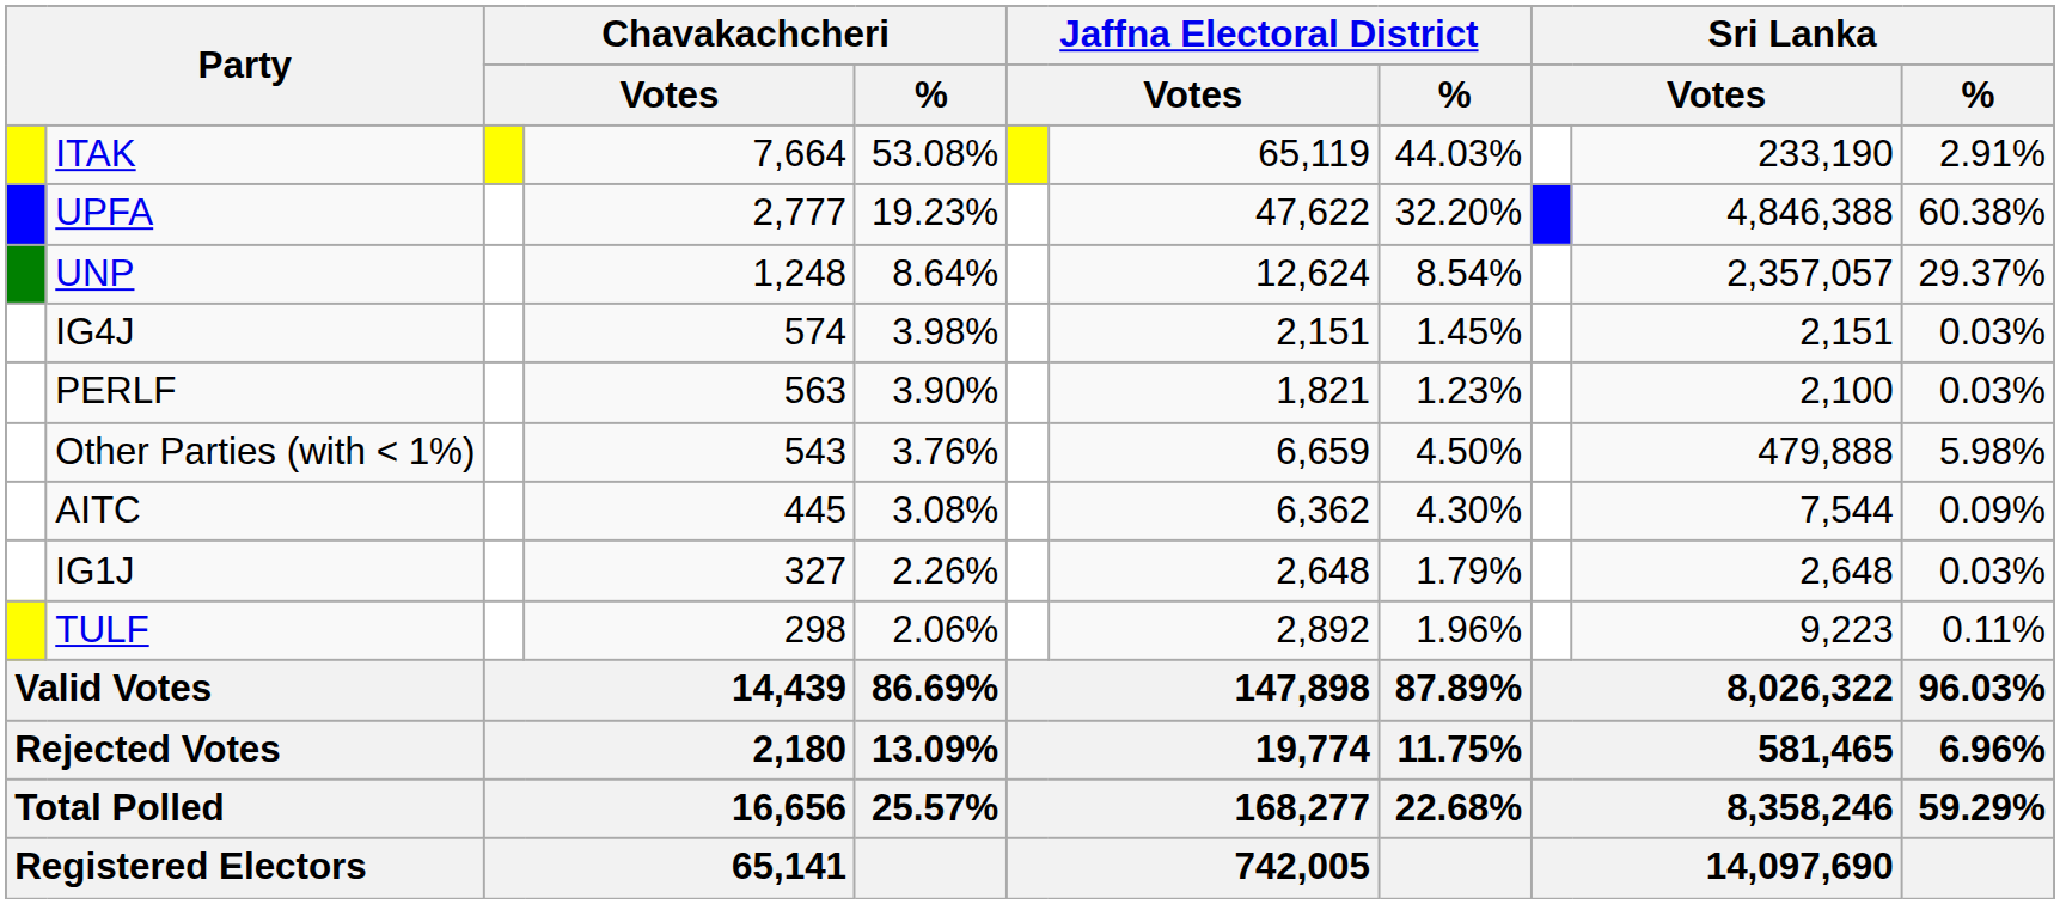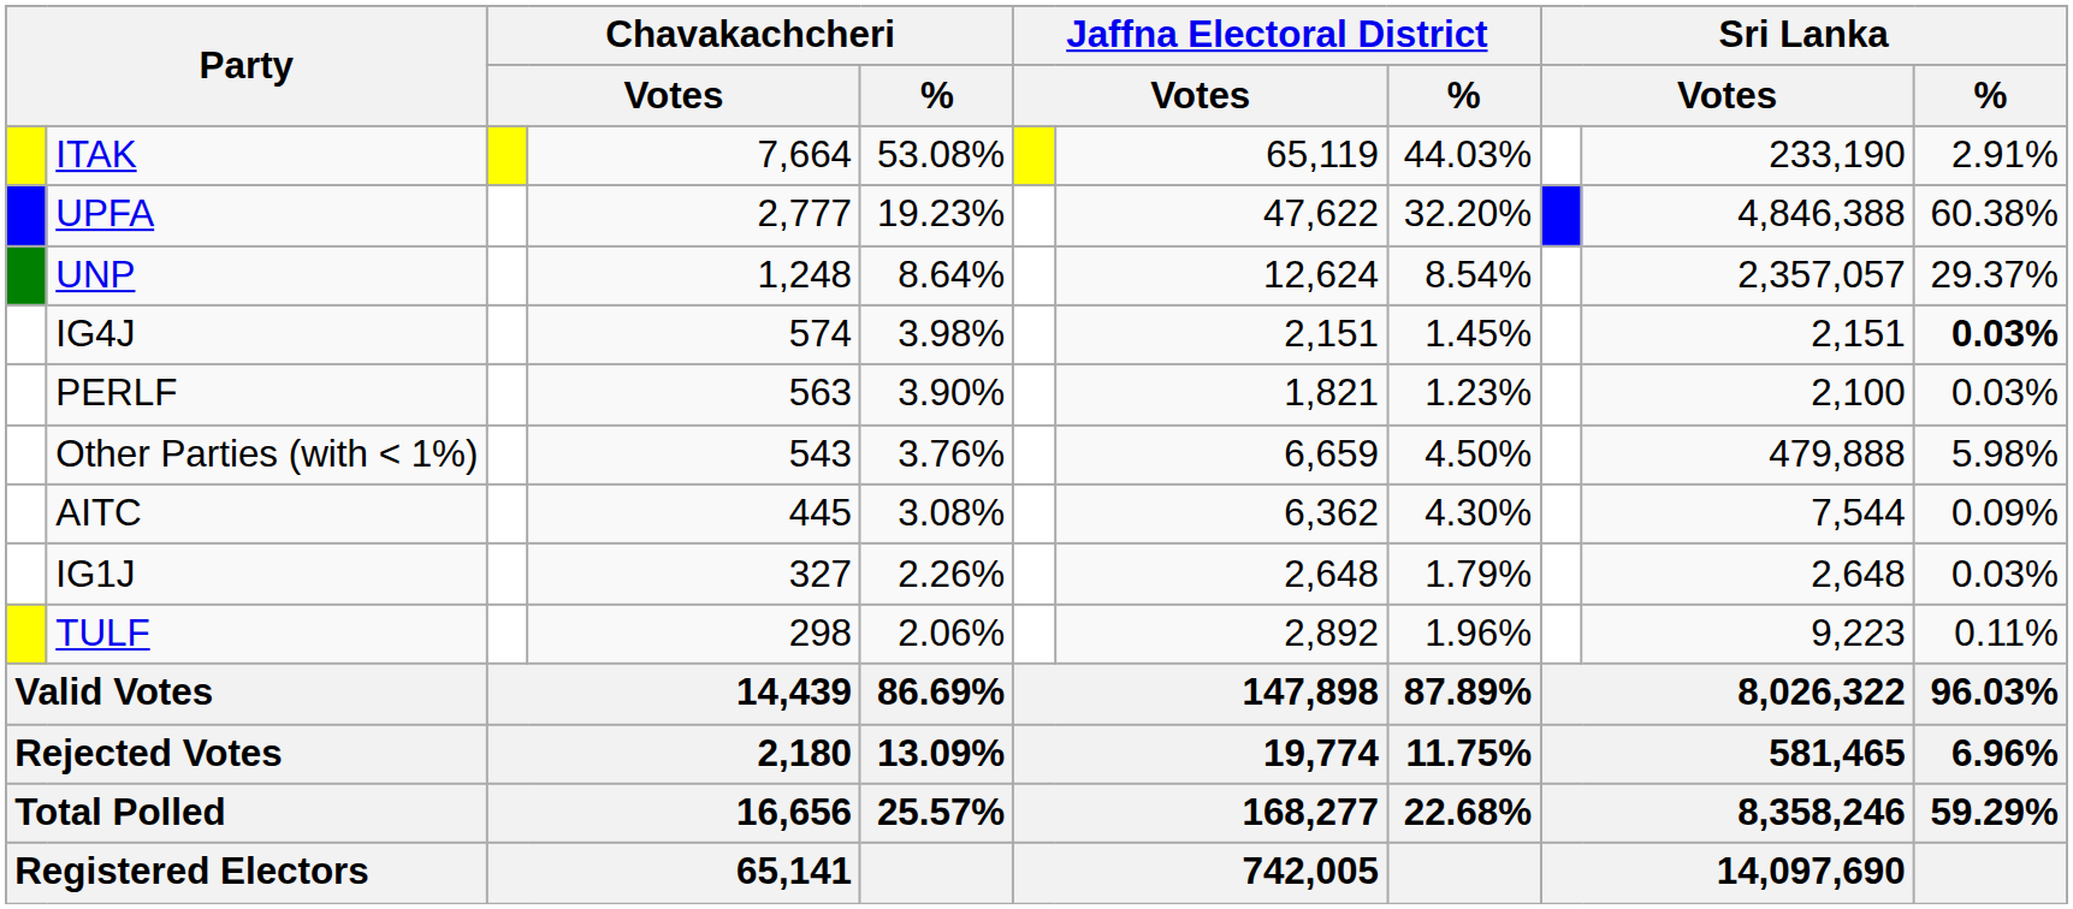 <table class="wikitable">
 <tr>
 <th colspan="2" width="144px"rowspan="2">Party</th>
 <th colspan="3" width="216px">Chavakachcheri</th>
 <th colspan="3" width="216px"><a href='#'>Jaffna Electoral District</a></th>
 <th colspan="3" width="216px">Sri Lanka</th>
 </tr>
 <tr>
 <th colspan="2" width="144px">Votes</th>
 <th>%</th>
 <th colspan="2" width="144px">Votes</th>
 <th>%</th>
 <th colspan="2" width="144px">Votes</th>
 <th>%</th>
 </tr>
 <tr>
 <td style="background-color:yellow;" width="10px"></td>
 <td style="text-align:left;"><a href='#'>ITAK</a></td>
 <td style="background-color:yellow;" width="10px"></td>
 <td style="text-align:right;">7,664</td>
 <td style="text-align:right;">53.08%</td>
 <td style="background-color:yellow;" width="10px"></td>
 <td style="text-align:right;">65,119</td>
 <td style="text-align:right;">44.03%</td>
 <td style="background-color:white;" width="10px"></td>
 <td style="text-align:right;">233,190</td>
 <td style="text-align:right;">2.91%</td>
 </tr>
 <tr>
 <td style="background-color:blue;" width="10px"></td>
 <td style="text-align:left;"><a href='#'>UPFA</a></td>
 <td style="background-color:white;" width="10px"></td>
 <td style="text-align:right;">2,777</td>
 <td style="text-align:right;">19.23%</td>
 <td style="background-color:white;" width="10px"></td>
 <td style="text-align:right;">47,622</td>
 <td style="text-align:right;">32.20%</td>
 <td style="background-color:blue;" width="10px"></td>
 <td style="text-align:right;">4,846,388</td>
 <td style="text-align:right;">60.38%</td>
 </tr>
 <tr>
 <td style="background-color:green;" width="10px"></td>
 <td style="text-align:left;"><a href='#'>UNP</a></td>
 <td style="background-color:white;" width="10px"></td>
 <td style="text-align:right;">1,248</td>
 <td style="text-align:right;">8.64%</td>
 <td style="background-color:white;" width="10px"></td>
 <td style="text-align:right;">12,624</td>
 <td style="text-align:right;">8.54%</td>
 <td style="background-color:white;" width="10px"></td>
 <td style="text-align:right;">2,357,057</td>
 <td style="text-align:right;">29.37%</td>
 </tr>
 <tr>
 <td style="background-color:white;" width="10px"></td>
 <td style="text-align:left;">IG4J</td>
 <td style="background-color:white;" width="10px"></td>
 <td style="text-align:right;">574</td>
 <td style="text-align:right;">3.98%</td>
 <td style="background-color:white;" width="10px"></td>
 <td style="text-align:right;">2,151</td>
 <td style="text-align:right;">1.45%</td>
 <td style="background-color:white;" width="10px"></td>
 <td style="text-align:right;">2,151</td>
-<td style="text-align:right;">0.03%</td>
+<td style="text-align:right;"><strong>0.03%</strong></td>
 </tr>
 <tr>
 <td style="background-color:white;" width="10px"></td>
 <td style="text-align:left;">PERLF</td>
 <td style="background-color:white;" width="10px"></td>
 <td style="text-align:right;">563</td>
 <td style="text-align:right;">3.90%</td>
 <td style="background-color:white;" width="10px"></td>
 <td style="text-align:right;">1,821</td>
 <td style="text-align:right;">1.23%</td>
 <td style="background-color:white;" width="10px"></td>
 <td style="text-align:right;">2,100</td>
 <td style="text-align:right;">0.03%</td>
 </tr>
 <tr>
 <td style="background-color:white;" width="10px"></td>
 <td style="text-align:left;">Other Parties (with < 1%)</td>
 <td style="background-color:white;" width="10px"></td>
 <td style="text-align:right;">543</td>
 <td style="text-align:right;">3.76%</td>
 <td style="background-color:white;" width="10px"></td>
 <td style="text-align:right;">6,659</td>
 <td style="text-align:right;">4.50%</td>
 <td style="background-color:white;" width="10px"></td>
 <td style="text-align:right;">479,888</td>
 <td style="text-align:right;">5.98%</td>
 </tr>
 <tr>
 <td style="background-color:white;" width="10px"></td>
 <td style="text-align:left;">AITC</td>
 <td style="background-color:white;" width="10px"></td>
 <td style="text-align:right;">445</td>
 <td style="text-align:right;">3.08%</td>
 <td style="background-color:white;" width="10px"></td>
 <td style="text-align:right;">6,362</td>
 <td style="text-align:right;">4.30%</td>
 <td style="background-color:white;" width="10px"></td>
 <td style="text-align:right;">7,544</td>
 <td style="text-align:right;">0.09%</td>
 </tr>
 <tr>
 <td style="background-color:white;" width="10px"></td>
 <td style="text-align:left;">IG1J</td>
 <td style="background-color:white;" width="10px"></td>
 <td style="text-align:right;">327</td>
 <td style="text-align:right;">2.26%</td>
 <td style="background-color:white;" width="10px"></td>
 <td style="text-align:right;">2,648</td>
 <td style="text-align:right;">1.79%</td>
 <td style="background-color:white;" width="10px"></td>
 <td style="text-align:right;">2,648</td>
 <td style="text-align:right;">0.03%</td>
 </tr>
 <tr>
 <td style="background-color:yellow;" width="10px"></td>
 <td style="text-align:left;"><a href='#'>TULF</a></td>
 <td style="background-color:white;" width="10px"></td>
 <td style="text-align:right;">298</td>
 <td style="text-align:right;">2.06%</td>
 <td style="background-color:white;" width="10px"></td>
 <td style="text-align:right;">2,892</td>
 <td style="text-align:right;">1.96%</td>
 <td style="background-color:white;" width="10px"></td>
 <td style="text-align:right;">9,223</td>
 <td style="text-align:right;">0.11%</td>
 </tr>
 <tr>
 <th colspan="2" width="144px"style="text-align:left;">Valid Votes</th>
 <th style="text-align:right;"colspan="2" width="144px">14,439</th>
 <th style="text-align:right;">86.69%</th>
 <th style="text-align:right;"colspan="2" width="144px">147,898</th>
 <th style="text-align:right;">87.89%</th>
 <th style="text-align:right;"colspan="2" width="144px">8,026,322</th>
 <th style="text-align:right;">96.03%</th>
 </tr>
 <tr>
 <th colspan="2" width="144px"style="text-align:left;">Rejected Votes</th>
 <th style="text-align:right;"colspan="2" width="144px">2,180</th>
 <th style="text-align:right;">13.09%</th>
 <th style="text-align:right;"colspan="2" width="144px">19,774</th>
 <th style="text-align:right;">11.75%</th>
 <th style="text-align:right;"colspan="2" width="144px">581,465</th>
 <th style="text-align:right;">6.96%</th>
 </tr>
 <tr>
 <th colspan="2" width="144px"style="text-align:left;">Total Polled</th>
 <th style="text-align:right;"colspan="2" width="144px">16,656</th>
 <th style="text-align:right;">25.57%</th>
 <th style="text-align:right;"colspan="2" width="144px">168,277</th>
 <th style="text-align:right;">22.68%</th>
 <th style="text-align:right;"colspan="2" width="144px">8,358,246</th>
 <th style="text-align:right;">59.29%</th>
 </tr>
 <tr>
 <th colspan="2" width="144px"style="text-align:left;">Registered Electors</th>
 <th style="text-align:right;"colspan="2" width="144px">65,141</th>
 <th></th>
 <th style="text-align:right;"colspan="2" width="144px">742,005</th>
 <th></th>
 <th style="text-align:right;"colspan="2" width="144px">14,097,690</th>
 <th></th>
 </tr>
 </table>
